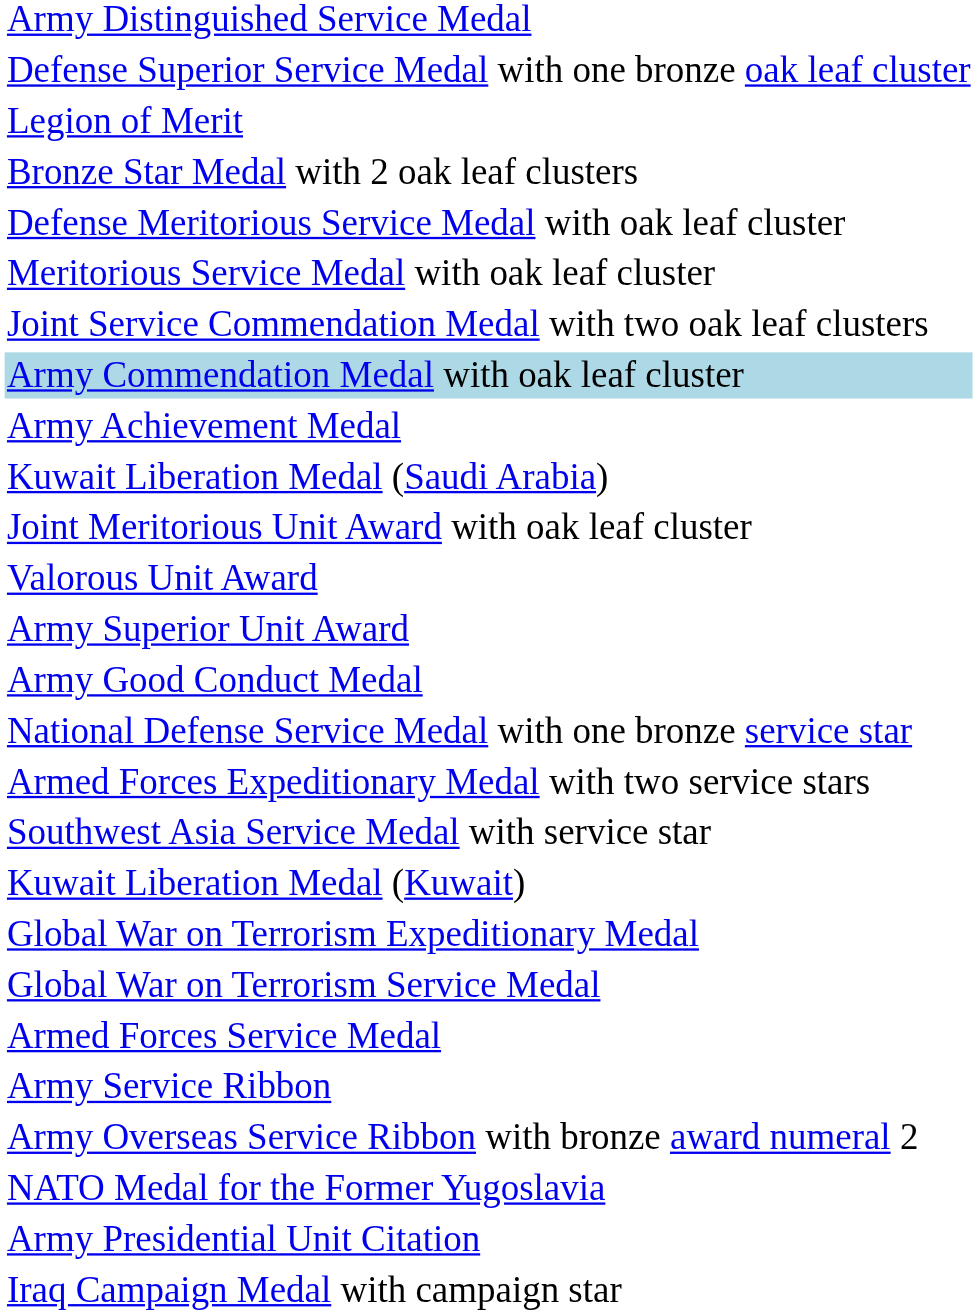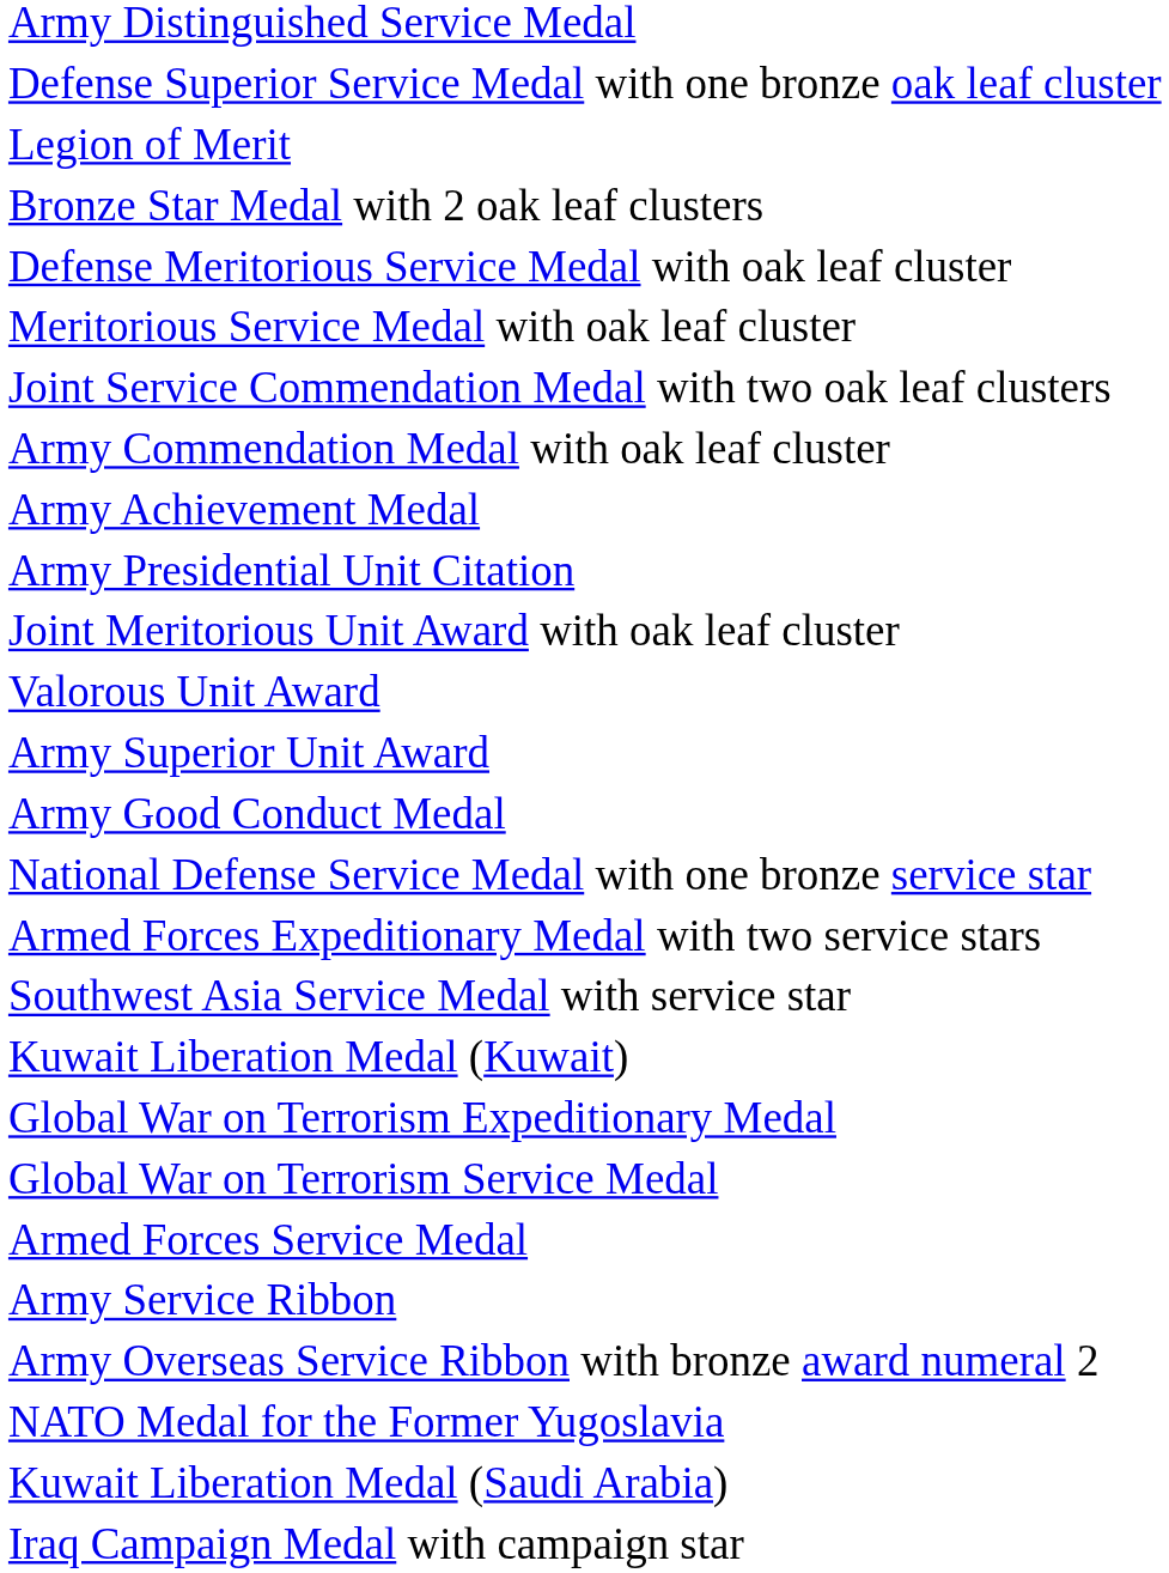 <table>
 <tr>
 <td> <a href='#'>Army Distinguished Service Medal</a></td>
 </tr>
 <tr>
 <td> <a href='#'>Defense Superior Service Medal</a> with one bronze <a href='#'>oak leaf cluster</a></td>
 </tr>
 <tr>
 <td> <a href='#'>Legion of Merit</a></td>
 </tr>
 <tr>
 <td> <a href='#'>Bronze Star Medal</a> with 2 oak leaf clusters</td>
 </tr>
 <tr>
 <td> <a href='#'>Defense Meritorious Service Medal</a> with oak leaf cluster</td>
 </tr>
 <tr>
 <td> <a href='#'>Meritorious Service Medal</a> with oak leaf cluster</td>
 </tr>
 <tr>
 <td> <a href='#'>Joint Service Commendation Medal</a> with two oak leaf clusters</td>
 </tr>
 <tr>
-<td style="background: lightblue;"> <a href='#'>Army Commendation Medal</a> with oak leaf cluster</td>
+<td> <a href='#'>Army Commendation Medal</a> with oak leaf cluster</td>
 </tr>
 <tr>
 <td> <a href='#'>Army Achievement Medal</a></td>
 </tr>
 <tr>
-<td> <a href='#'>Kuwait Liberation Medal</a> (<a href='#'>Saudi Arabia</a>)</td>
+<td> <a href='#'>Army Presidential Unit Citation</a></td>
 </tr>
 <tr>
 <td> <a href='#'>Joint Meritorious Unit Award</a> with oak leaf cluster</td>
 </tr>
 <tr>
 <td> <a href='#'>Valorous Unit Award</a></td>
 </tr>
 <tr>
 <td> <a href='#'>Army Superior Unit Award</a></td>
 </tr>
 <tr>
 <td> <a href='#'>Army Good Conduct Medal</a></td>
 </tr>
 <tr>
 <td> <a href='#'>National Defense Service Medal</a> with one bronze <a href='#'>service star</a></td>
 </tr>
 <tr>
 <td><span></span><span></span> <a href='#'>Armed Forces Expeditionary Medal</a> with two service stars</td>
 </tr>
 <tr>
 <td> <a href='#'>Southwest Asia Service Medal</a> with service star</td>
 </tr>
 <tr>
 <td> <a href='#'>Kuwait Liberation Medal</a> (<a href='#'>Kuwait</a>)</td>
 </tr>
 <tr>
 <td> <a href='#'>Global War on Terrorism Expeditionary Medal</a></td>
 </tr>
 <tr>
 <td> <a href='#'>Global War on Terrorism Service Medal</a></td>
 </tr>
 <tr>
 <td> <a href='#'>Armed Forces Service Medal</a></td>
 </tr>
 <tr>
 <td> <a href='#'>Army Service Ribbon</a></td>
 </tr>
 <tr>
 <td><span></span> <a href='#'>Army Overseas Service Ribbon</a> with bronze <a href='#'>award numeral</a> 2</td>
 </tr>
 <tr>
 <td> <a href='#'>NATO Medal for the Former Yugoslavia</a></td>
 </tr>
 <tr>
-<td> <a href='#'>Army Presidential Unit Citation</a></td>
+<td> <a href='#'>Kuwait Liberation Medal</a> (<a href='#'>Saudi Arabia</a>)</td>
 </tr>
 <tr>
 <td> <a href='#'>Iraq Campaign Medal</a> with campaign star</td>
 </tr>
 </table>
